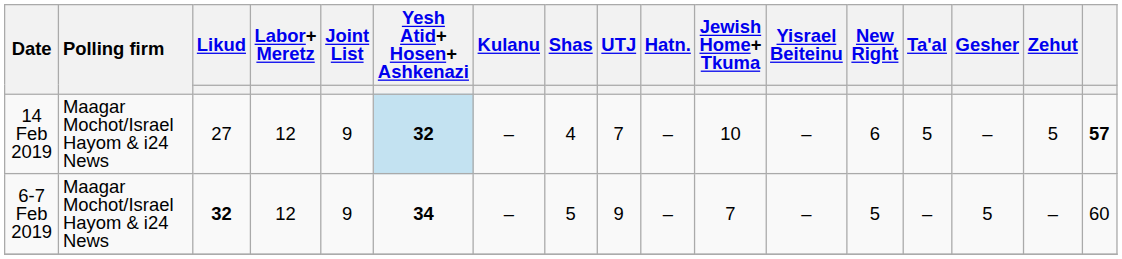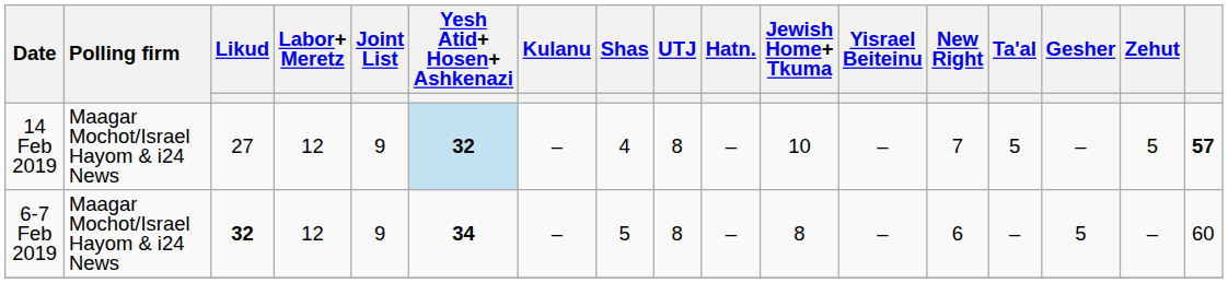 <table class="wikitable" style="text-align:center; font-size:90%; line-height:14px;">
 <tr>
 <th rowspan="2">Date</th>
 <th style="text-align:left;" rowspan="2">Polling firm</th>
 <th><a href='#'>Likud</a></th>
 <th><a href='#'>Labor</a>+<br><a href='#'>Meretz</a></th>
 <th><a href='#'>Joint<br>List</a></th>
 <th><a href='#'>Yesh<br>Atid</a>+<br><a href='#'>Hosen</a>+<br><a href='#'>Ashkenazi</a></th>
 <th><a href='#'>Kulanu</a></th>
 <th><a href='#'>Shas</a></th>
 <th><a href='#'>UTJ</a></th>
 <th><a href='#'>Hatn.</a></th>
 <th><a href='#'>Jewish<br>Home</a>+<br><a href='#'>Tkuma</a></th>
 <th><a href='#'>Yisrael<br>Beiteinu</a></th>
 <th><a href='#'>New<br>Right</a></th>
 <th><a href='#'>Ta'al</a></th>
 <th><a href='#'>Gesher</a></th>
 <th><a href='#'>Zehut</a></th>
 <th style="width:20px;"></th>
 </tr>
 <tr>
 <th style="color:inherit;background:"></th>
 <th style="color:inherit;background:"></th>
 <th style="color:inherit;background:"></th>
 <th style="color:inherit;background:"></th>
 <th style="color:inherit;background:"></th>
 <th style="color:inherit;background:"></th>
 <th style="color:inherit;background:"></th>
 <th style="color:inherit;background:"></th>
 <th style="color:inherit;background:"></th>
 <th style="color:inherit;background:"></th>
 <th style="color:inherit;background:"></th>
 <th style="color:inherit;background:"></th>
 <th style="color:inherit;background:"></th>
 <th style="color:inherit;background:"></th>
 <th style="color:inherit;background:"></th>
 </tr>
 <tr>
 <td>14 Feb 2019</td>
 <td style="text-align:left;">Maagar Mochot/Israel Hayom & i24 News</td>
 <td>27					</td>
 <td>12					</td>
 <td>9					</td>
 <td style="background:#C3E2F1;"><strong>32</strong>	</td>
 <td>–					</td>
 <td>4					</td>
-<td>7					</td>
+<td>8					</td>
 <td>–					</td>
 <td>10					</td>
 <td>–					</td>
-<td>6					</td>
+<td>7					</td>
 <td>5					</td>
 <td>–					</td>
 <td>5					</td>
 <td><strong>57					</strong></td>
 </tr>
 <tr>
 <td>6-7 Feb 2019</td>
 <td style="text-align:left;">Maagar Mochot/Israel Hayom & i24 News</td>
 <td><strong>32</strong>				</td>
 <td>12					</td>
 <td>9					</td>
 <td><strong>34</strong>				</td>
 <td>–					</td>
 <td>5					</td>
-<td>9					</td>
+<td>8					</td>
 <td>–					</td>
-<td>7					</td>
+<td>8					</td>
 <td>–					</td>
-<td>5					</td>
+<td>6					</td>
 <td>–					</td>
 <td>5					</td>
 <td>–					</td>
 <td>60					</td>
 </tr>
 <tr>
 </tr>
 </table>
